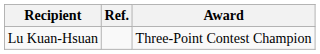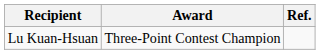 <table class="wikitable">
 <tr>
 <th>Recipient</th>
+<th>Award</th>
 <th>Ref.</th>
-<th>Award</th>
 </tr>
 <tr>
 <td>Lu Kuan-Hsuan</td>
+<td>Three-Point Contest Champion</td>
 <td></td>
-<td>Three-Point Contest Champion</td>
 </tr>
 </table>
